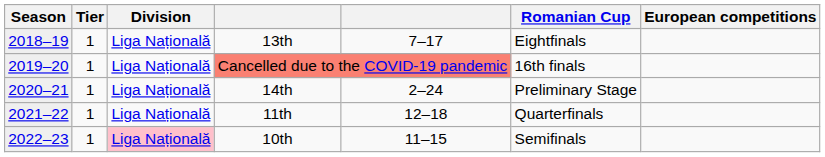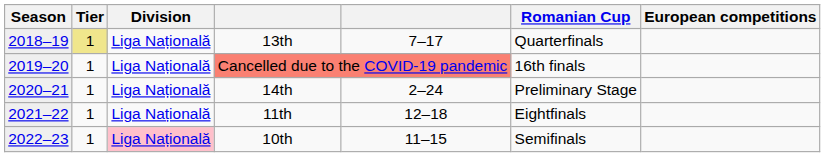 <table class="wikitable" style="font-size:85%; text-align:center">
 <tr>
 <th>Season</th>
 <th>Tier</th>
 <th>Division</th>
 <th></th>
 <th></th>
 <th><a href='#'>Romanian Cup</a></th>
 <th colspan=2>European competitions</th>
 </tr>
 <tr>
 <td bgcolor=#efefef><a href='#'>2018–19</a></td>
-<td>1</td>
+<td style="background: khaki;">1</td>
 <td align=left><a href='#'>Liga Națională</a></td>
 <td>13th</td>
 <td>7–17</td>
-<td align=left>Eightfinals</td>
+<td align=left>Quarterfinals</td>
 <td colspan=2 align=left></td>
 </tr>
 <tr>
 <td bgcolor=#efefef><a href='#'>2019–20</a></td>
 <td>1</td>
 <td align=left><a href='#'>Liga Națională</a></td>
 <td colspan=2 bgcolor= #FA8072>Cancelled due to the <a href='#'>COVID-19 pandemic</a></td>
 <td align=left>16th finals</td>
 <td colspan=2 align=left></td>
 </tr>
 <tr>
 <td bgcolor=#efefef><a href='#'>2020–21</a></td>
 <td>1</td>
 <td align=left><a href='#'>Liga Națională</a></td>
 <td>14th</td>
 <td>2–24</td>
 <td align=left>Preliminary Stage</td>
 <td colspan=2 align=left></td>
 </tr>
 <tr>
 <td bgcolor=#efefef><a href='#'>2021–22</a></td>
 <td>1</td>
 <td align=left><a href='#'>Liga Națională</a></td>
 <td>11th</td>
 <td>12–18</td>
-<td align=left>Quarterfinals</td>
+<td align=left>Eightfinals</td>
 <td colspan=2 align=left></td>
 </tr>
 <tr>
 <td bgcolor=#efefef><a href='#'>2022–23</a></td>
 <td>1</td>
 <td align=left style="background: pink;"><a href='#'>Liga Națională</a></td>
 <td>10th</td>
 <td>11–15</td>
 <td align=left>Semifinals</td>
 <td colspan=2 align=left></td>
 </tr>
 </table>
